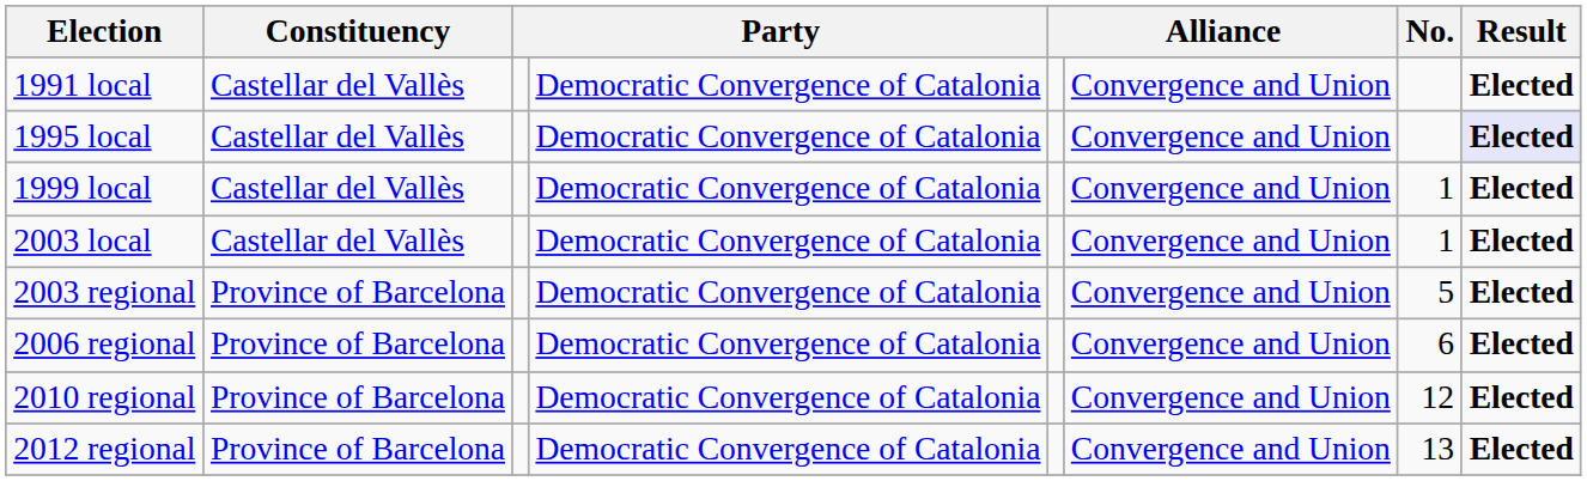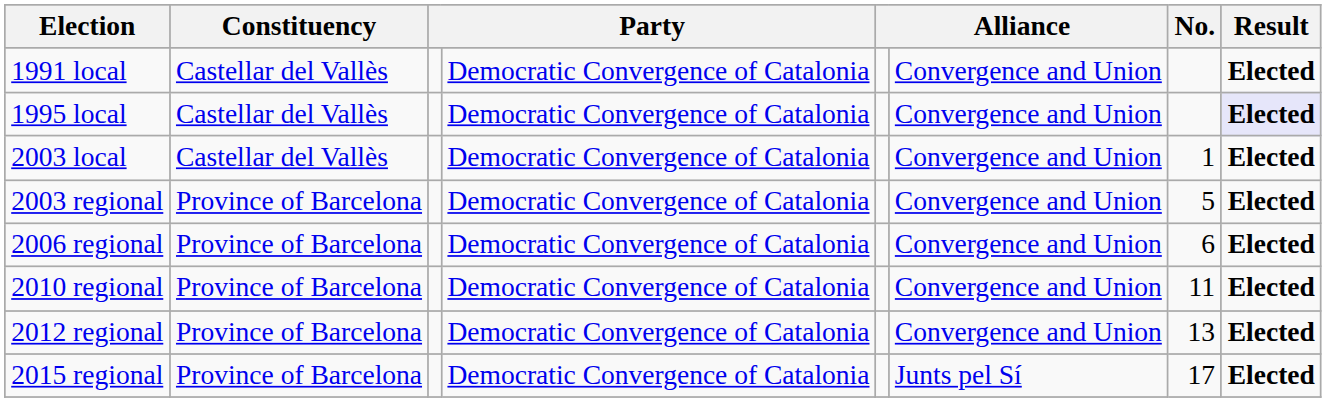 <table class="wikitable" style="text-align:left;">
 <tr>
 <th scope=col>Election</th>
 <th scope=col>Constituency</th>
 <th scope=col colspan="2">Party</th>
 <th scope=col colspan="2">Alliance</th>
 <th scope=col>No.</th>
 <th scope=col>Result</th>
 </tr>
 <tr>
 <td><a href='#'>1991 local</a></td>
 <td><a href='#'>Castellar del Vallès</a></td>
 <td style="background:"></td>
 <td><a href='#'>Democratic Convergence of Catalonia</a></td>
 <td style="background:"></td>
 <td><a href='#'>Convergence and Union</a></td>
 <td align=right></td>
 <td><strong>Elected</strong></td>
 </tr>
 <tr>
 <td><a href='#'>1995 local</a></td>
 <td><a href='#'>Castellar del Vallès</a></td>
 <td style="background:"></td>
 <td><a href='#'>Democratic Convergence of Catalonia</a></td>
 <td style="background:"></td>
 <td><a href='#'>Convergence and Union</a></td>
 <td align=right></td>
 <td style="background: lavender;"><strong>Elected</strong></td>
-</tr>
-<tr>
-<td><a href='#'>1999 local</a></td>
-<td><a href='#'>Castellar del Vallès</a></td>
-<td style="background:"></td>
-<td><a href='#'>Democratic Convergence of Catalonia</a></td>
-<td style="background:"></td>
-<td><a href='#'>Convergence and Union</a></td>
-<td align=right>1</td>
-<td><strong>Elected</strong></td>
 </tr>
 <tr>
 <td><a href='#'>2003 local</a></td>
 <td><a href='#'>Castellar del Vallès</a></td>
 <td style="background:"></td>
 <td><a href='#'>Democratic Convergence of Catalonia</a></td>
 <td style="background:"></td>
 <td><a href='#'>Convergence and Union</a></td>
 <td align=right>1</td>
 <td><strong>Elected</strong></td>
 </tr>
 <tr>
 <td><a href='#'>2003 regional</a></td>
 <td><a href='#'>Province of Barcelona</a></td>
 <td style="background:"></td>
 <td><a href='#'>Democratic Convergence of Catalonia</a></td>
 <td style="background:"></td>
 <td><a href='#'>Convergence and Union</a></td>
 <td align=right>5</td>
 <td><strong>Elected</strong></td>
 </tr>
 <tr>
 <td><a href='#'>2006 regional</a></td>
 <td><a href='#'>Province of Barcelona</a></td>
 <td style="background:"></td>
 <td><a href='#'>Democratic Convergence of Catalonia</a></td>
 <td style="background:"></td>
 <td><a href='#'>Convergence and Union</a></td>
 <td align=right>6</td>
 <td><strong>Elected</strong></td>
 </tr>
 <tr>
 <td><a href='#'>2010 regional</a></td>
 <td><a href='#'>Province of Barcelona</a></td>
 <td style="background:"></td>
 <td><a href='#'>Democratic Convergence of Catalonia</a></td>
 <td style="background:"></td>
 <td><a href='#'>Convergence and Union</a></td>
-<td align=right>12</td>
+<td align=right>11</td>
 <td><strong>Elected</strong></td>
 </tr>
 <tr>
 <td><a href='#'>2012 regional</a></td>
 <td><a href='#'>Province of Barcelona</a></td>
 <td style="background:"></td>
 <td><a href='#'>Democratic Convergence of Catalonia</a></td>
 <td style="background:"></td>
 <td><a href='#'>Convergence and Union</a></td>
 <td align=right>13</td>
 <td><strong>Elected</strong></td>
 </tr>
+<tr>
+<td><a href='#'>2015 regional</a></td>
+<td><a href='#'>Province of Barcelona</a></td>
+<td style="background:"></td>
+<td><a href='#'>Democratic Convergence of Catalonia</a></td>
+<td style="background:"></td>
+<td><a href='#'>Junts pel Sí</a></td>
+<td align=right>17</td>
+<td><strong>Elected</strong></td>
+</tr>
 </table>
